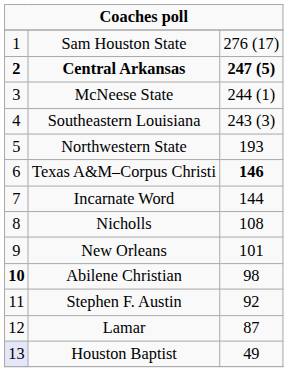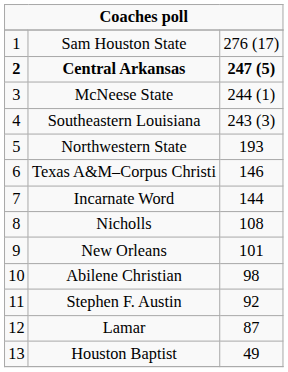 <table class="wikitable">
 <tr align="center">
 <td align="center" Colspan="3"><strong>Coaches poll</strong></td>
 </tr>
 <tr align="center">
 </tr>
 <tr align="center">
 <td>1</td>
 <td>Sam Houston State</td>
 <td>276 (17)</td>
 </tr>
 <tr align="center">
 <td><strong>2</strong></td>
 <td><strong>Central Arkansas</strong></td>
 <td><strong>247 (5)</strong></td>
 </tr>
 <tr align="center">
 <td>3</td>
 <td>McNeese State</td>
 <td>244 (1)</td>
 </tr>
 <tr align="center">
 <td>4</td>
 <td>Southeastern Louisiana</td>
 <td>243 (3)</td>
 </tr>
 <tr align="center">
 <td>5</td>
 <td>Northwestern State</td>
 <td>193</td>
 </tr>
 <tr align="center">
 <td>6</td>
 <td>Texas A&M–Corpus Christi</td>
-<td><strong>146</strong></td>
+<td>146</td>
 </tr>
 <tr align="center">
 <td>7</td>
 <td>Incarnate Word</td>
 <td>144</td>
 </tr>
 <tr align="center">
 <td>8</td>
 <td>Nicholls</td>
 <td>108</td>
 </tr>
 <tr align="center">
 <td>9</td>
 <td>New Orleans</td>
 <td>101</td>
 </tr>
 <tr align="center">
-<td><strong>10</strong></td>
+<td>10</td>
 <td>Abilene Christian</td>
 <td>98</td>
 </tr>
 <tr align="center">
 <td>11</td>
 <td>Stephen F. Austin</td>
 <td>92</td>
 </tr>
 <tr align="center">
 <td>12</td>
 <td>Lamar</td>
 <td>87</td>
 </tr>
 <tr align="center">
-<td style="background: lavender;">13</td>
+<td>13</td>
 <td>Houston Baptist</td>
 <td>49</td>
 </tr>
 <tr align="center">
 </tr>
 </table>
